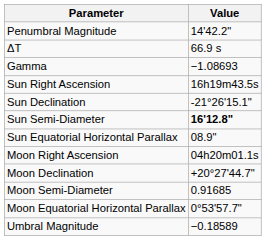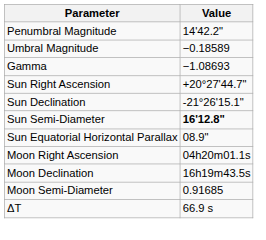 <table class="wikitable">
 <tr>
 <th>Parameter</th>
 <th>Value</th>
 </tr>
 <tr>
 <td>Penumbral Magnitude</td>
 <td>14'42.2"</td>
 </tr>
 <tr>
-<td>ΔT</td>
-<td>66.9 s</td>
+<td>Umbral Magnitude</td>
+<td>−0.18589</td>
 </tr>
 <tr>
 <td>Gamma</td>
 <td>−1.08693</td>
 </tr>
 <tr>
 <td>Sun Right Ascension</td>
-<td>16h19m43.5s</td>
+<td>+20°27'44.7"</td>
 </tr>
 <tr>
 <td>Sun Declination</td>
 <td>-21°26'15.1"</td>
 </tr>
 <tr>
 <td>Sun Semi-Diameter</td>
 <td><strong>16'12.8"</strong></td>
 </tr>
 <tr>
 <td>Sun Equatorial Horizontal Parallax</td>
 <td>08.9"</td>
 </tr>
 <tr>
 <td>Moon Right Ascension</td>
 <td>04h20m01.1s</td>
 </tr>
 <tr>
 <td>Moon Declination</td>
-<td>+20°27'44.7"</td>
+<td>16h19m43.5s</td>
 </tr>
 <tr>
 <td>Moon Semi-Diameter</td>
 <td>0.91685</td>
 </tr>
 <tr>
-<td>Moon Equatorial Horizontal Parallax</td>
-<td>0°53'57.7"</td>
-</tr>
-<tr>
-<td>Umbral Magnitude</td>
-<td>−0.18589</td>
+<td>ΔT</td>
+<td>66.9 s</td>
 </tr>
 </table>
